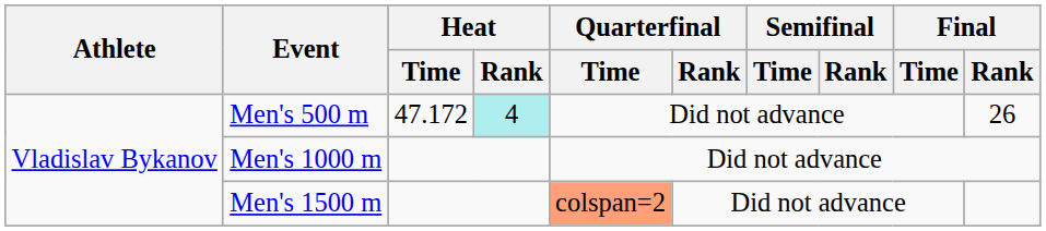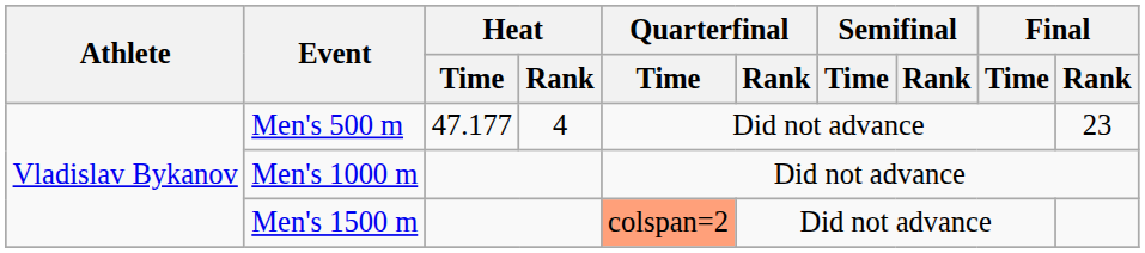 <table class="wikitable" style="font-size:90%">
 <tr>
 <th rowspan="2">Athlete</th>
 <th rowspan="2">Event</th>
 <th colspan="2">Heat</th>
 <th colspan="2">Quarterfinal</th>
 <th colspan="2">Semifinal</th>
 <th colspan="2">Final</th>
 </tr>
 <tr>
 <th>Time</th>
 <th>Rank</th>
 <th>Time</th>
 <th>Rank</th>
 <th>Time</th>
 <th>Rank</th>
 <th>Time</th>
 <th>Rank</th>
 </tr>
 <tr align=center>
 <td align=left rowspan=3><a href='#'>Vladislav Bykanov</a></td>
 <td align=left><a href='#'>Men's 500 m</a></td>
-<td>47.172</td>
-<td style="background: paleturquoise;">4</td>
+<td>47.177</td>
+<td>4</td>
 <td colspan=5>Did not advance</td>
-<td>26</td>
+<td>23</td>
 </tr>
 <tr align=center>
 <td align=left><a href='#'>Men's 1000 m</a></td>
 <td colspan=2></td>
 <td colspan=6>Did not advance</td>
 </tr>
 <tr align=center>
 <td align=left><a href='#'>Men's 1500 m</a></td>
 <td colspan=2></td>
 <td style="background: lightsalmon;">colspan=2 </td>
 <td colspan=4>Did not advance</td>
 </tr>
 </table>
